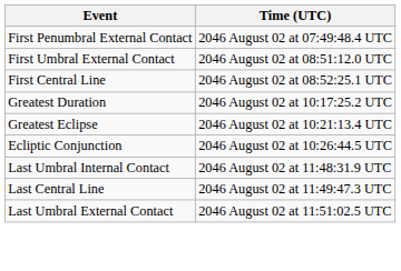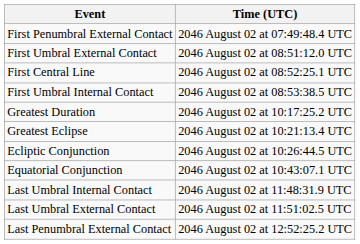 <table class="wikitable">
 <tr>
 <th>Event</th>
 <th>Time (UTC)</th>
 </tr>
 <tr>
 <td>First Penumbral External Contact</td>
 <td>2046 August 02 at 07:49:48.4 UTC</td>
 </tr>
 <tr>
 <td>First Umbral External Contact</td>
 <td>2046 August 02 at 08:51:12.0 UTC</td>
 </tr>
 <tr>
 <td>First Central Line</td>
 <td>2046 August 02 at 08:52:25.1 UTC</td>
 </tr>
 <tr>
+<td>First Umbral Internal Contact</td>
+<td>2046 August 02 at 08:53:38.5 UTC</td>
+</tr>
+<tr>
 <td>Greatest Duration</td>
 <td>2046 August 02 at 10:17:25.2 UTC</td>
 </tr>
 <tr>
 <td>Greatest Eclipse</td>
 <td>2046 August 02 at 10:21:13.4 UTC</td>
 </tr>
 <tr>
 <td>Ecliptic Conjunction</td>
 <td>2046 August 02 at 10:26:44.5 UTC</td>
 </tr>
 <tr>
+<td>Equatorial Conjunction</td>
+<td>2046 August 02 at 10:43:07.1 UTC</td>
+</tr>
+<tr>
 <td>Last Umbral Internal Contact</td>
 <td>2046 August 02 at 11:48:31.9 UTC</td>
-</tr>
-<tr>
-<td>Last Central Line</td>
-<td>2046 August 02 at 11:49:47.3 UTC</td>
 </tr>
 <tr>
 <td>Last Umbral External Contact</td>
 <td>2046 August 02 at 11:51:02.5 UTC</td>
 </tr>
+<tr>
+<td>Last Penumbral External Contact</td>
+<td>2046 August 02 at 12:52:25.2 UTC</td>
+</tr>
 </table>
